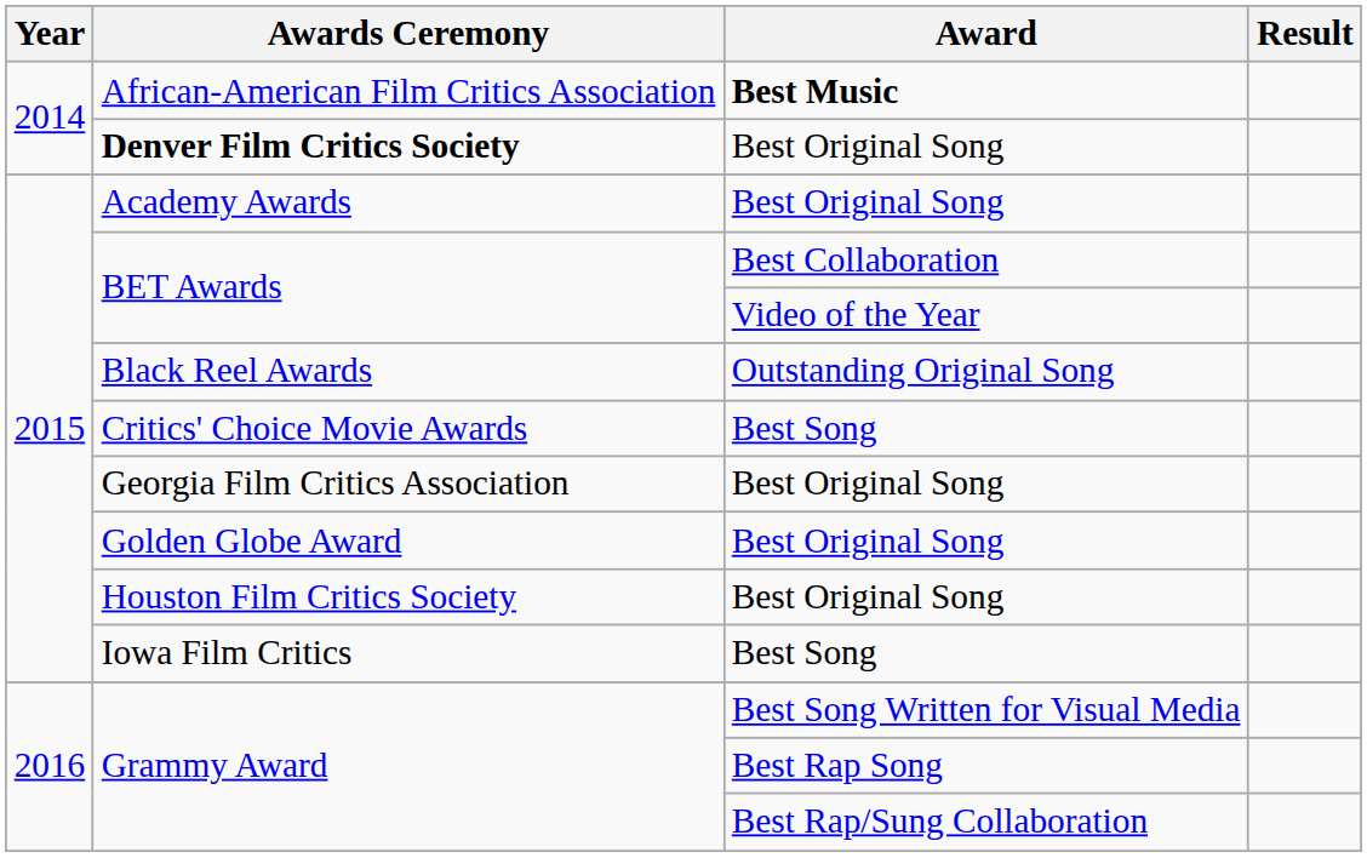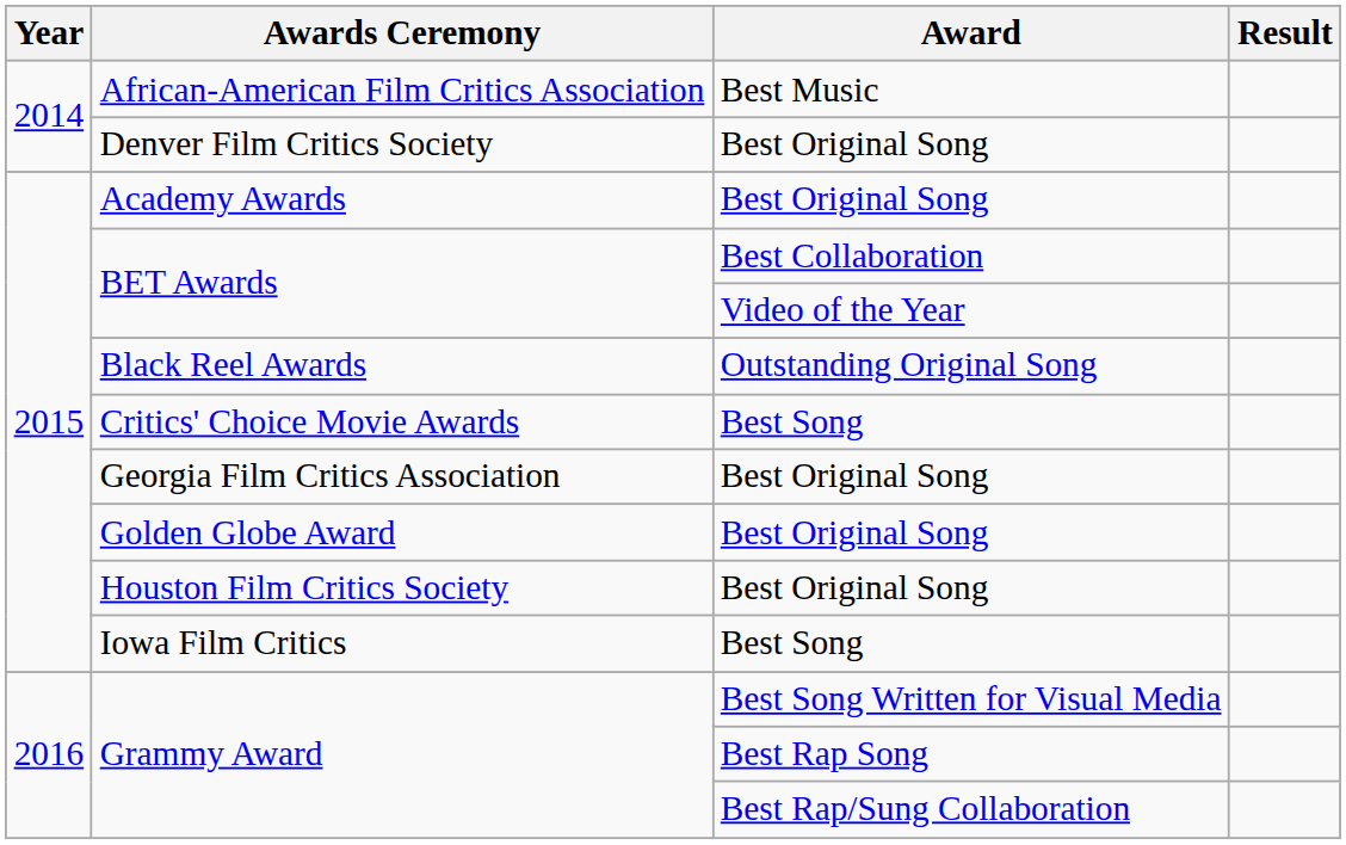 <table class="wikitable">
 <tr>
 <th>Year</th>
 <th>Awards Ceremony</th>
 <th>Award</th>
 <th>Result</th>
 </tr>
 <tr>
 <td rowspan="2"><a href='#'>2014</a></td>
 <td><a href='#'>African-American Film Critics Association</a></td>
-<td><strong>Best Music</strong></td>
+<td>Best Music</td>
 <td></td>
 </tr>
 <tr>
-<td><strong>Denver Film Critics Society</strong></td>
+<td>Denver Film Critics Society</td>
 <td>Best Original Song</td>
 <td></td>
 </tr>
 <tr>
 <td rowspan="9"><a href='#'>2015</a></td>
 <td><a href='#'>Academy Awards</a></td>
 <td><a href='#'>Best Original Song</a></td>
 <td></td>
 </tr>
 <tr>
 <td rowspan="2"><a href='#'>BET Awards</a></td>
 <td><a href='#'>Best Collaboration</a></td>
 <td></td>
 </tr>
 <tr>
 <td><a href='#'>Video of the Year</a></td>
 <td></td>
 </tr>
 <tr>
 <td><a href='#'>Black Reel Awards</a></td>
 <td><a href='#'>Outstanding Original Song</a></td>
 <td></td>
 </tr>
 <tr>
 <td><a href='#'>Critics' Choice Movie Awards</a></td>
 <td><a href='#'>Best Song</a></td>
 <td></td>
 </tr>
 <tr>
 <td>Georgia Film Critics Association</td>
 <td>Best Original Song</td>
 <td></td>
 </tr>
 <tr>
 <td><a href='#'>Golden Globe Award</a></td>
 <td><a href='#'>Best Original Song</a></td>
 <td></td>
 </tr>
 <tr>
 <td><a href='#'>Houston Film Critics Society</a></td>
 <td>Best Original Song</td>
 <td></td>
 </tr>
 <tr>
 <td>Iowa Film Critics</td>
 <td>Best Song</td>
 <td></td>
 </tr>
 <tr>
 <td rowspan="3"><a href='#'>2016</a></td>
 <td rowspan="3"><a href='#'>Grammy Award</a></td>
 <td><a href='#'>Best Song Written for Visual Media</a></td>
 <td></td>
 </tr>
 <tr>
 <td><a href='#'>Best Rap Song</a></td>
 <td></td>
 </tr>
 <tr>
 <td><a href='#'>Best Rap/Sung Collaboration</a></td>
 <td></td>
 </tr>
 </table>
